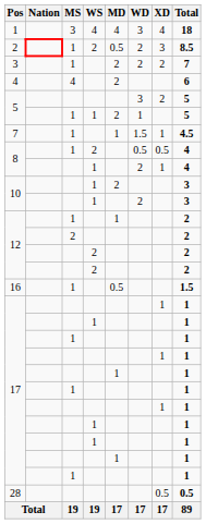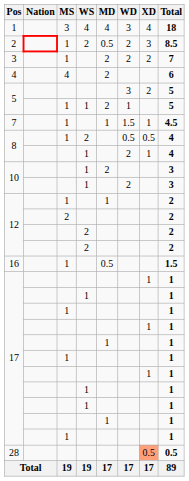 <table class="wikitable" style="text-align:center">
 <tr>
 <th>Pos</th>
 <th>Nation</th>
 <th>MS</th>
 <th>WS</th>
 <th>MD</th>
 <th>WD</th>
 <th>XD</th>
 <th>Total</th>
 </tr>
 <tr>
 <td>1</td>
 <td align="left"></td>
 <td>3</td>
 <td>4</td>
 <td>4</td>
 <td>3</td>
 <td>4</td>
 <td><strong>18</strong></td>
 </tr>
 <tr>
 <td>2</td>
 <td align="left" style="border: 3px solid red"><strong></strong></td>
 <td>1</td>
 <td>2</td>
 <td>0.5</td>
 <td>2</td>
 <td>3</td>
 <td><strong>8.5</strong></td>
 </tr>
 <tr>
 <td>3</td>
 <td align="left"></td>
 <td>1</td>
 <td></td>
 <td>2</td>
 <td>2</td>
 <td>2</td>
 <td><strong>7</strong></td>
 </tr>
 <tr>
 <td>4</td>
 <td align="left"></td>
 <td>4</td>
 <td></td>
 <td>2</td>
 <td></td>
 <td></td>
 <td><strong>6</strong></td>
 </tr>
 <tr>
 <td rowspan="2">5</td>
 <td align="left"></td>
 <td></td>
 <td></td>
 <td></td>
 <td>3</td>
 <td>2</td>
 <td><strong>5</strong></td>
 </tr>
 <tr>
 <td align="left"></td>
 <td>1</td>
 <td>1</td>
 <td>2</td>
 <td>1</td>
 <td></td>
 <td><strong>5</strong></td>
 </tr>
 <tr>
 <td>7</td>
 <td align="left"></td>
 <td>1</td>
 <td></td>
 <td>1</td>
 <td>1.5</td>
 <td>1</td>
 <td><strong>4.5</strong></td>
 </tr>
 <tr>
 <td rowspan="2">8</td>
 <td align="left"></td>
 <td>1</td>
 <td>2</td>
 <td></td>
 <td>0.5</td>
 <td>0.5</td>
 <td><strong>4</strong></td>
 </tr>
 <tr>
 <td align="left"></td>
 <td></td>
 <td>1</td>
 <td></td>
 <td>2</td>
 <td>1</td>
 <td><strong>4</strong></td>
 </tr>
 <tr>
 <td rowspan="2">10</td>
 <td align="left"></td>
 <td></td>
 <td>1</td>
 <td>2</td>
 <td></td>
 <td></td>
 <td><strong>3</strong></td>
 </tr>
 <tr>
 <td align="left"></td>
 <td></td>
 <td>1</td>
 <td></td>
 <td>2</td>
 <td></td>
 <td><strong>3</strong></td>
 </tr>
 <tr>
 <td rowspan="4">12</td>
 <td align="left"></td>
 <td>1</td>
 <td></td>
 <td>1</td>
 <td></td>
 <td></td>
 <td><strong>2</strong></td>
 </tr>
 <tr>
 <td align="left"></td>
 <td>2</td>
 <td></td>
 <td></td>
 <td></td>
 <td></td>
 <td><strong>2</strong></td>
 </tr>
 <tr>
 <td align="left"></td>
 <td></td>
 <td>2</td>
 <td></td>
 <td></td>
 <td></td>
 <td><strong>2</strong></td>
 </tr>
 <tr>
 <td align="left"></td>
 <td></td>
 <td>2</td>
 <td></td>
 <td></td>
 <td></td>
 <td><strong>2</strong></td>
 </tr>
 <tr>
 <td>16</td>
 <td align="left"></td>
 <td>1</td>
 <td></td>
 <td>0.5</td>
 <td></td>
 <td></td>
 <td><strong>1.5</strong></td>
 </tr>
 <tr>
 <td rowspan="11">17</td>
 <td align="left"></td>
 <td></td>
 <td></td>
 <td></td>
 <td></td>
 <td>1</td>
 <td><strong>1</strong></td>
 </tr>
 <tr>
 <td align="left"></td>
 <td></td>
 <td>1</td>
 <td></td>
 <td></td>
 <td></td>
 <td><strong>1</strong></td>
 </tr>
 <tr>
 <td align="left"></td>
 <td>1</td>
 <td></td>
 <td></td>
 <td></td>
 <td></td>
 <td><strong>1</strong></td>
 </tr>
 <tr>
 <td align="left"></td>
 <td></td>
 <td></td>
 <td></td>
 <td></td>
 <td>1</td>
 <td><strong>1</strong></td>
 </tr>
 <tr>
 <td align="left"></td>
 <td></td>
 <td></td>
 <td>1</td>
 <td></td>
 <td></td>
 <td><strong>1</strong></td>
 </tr>
 <tr>
 <td align="left"></td>
 <td>1</td>
 <td></td>
 <td></td>
 <td></td>
 <td></td>
 <td><strong>1</strong></td>
 </tr>
 <tr>
 <td align="left"></td>
 <td></td>
 <td></td>
 <td></td>
 <td></td>
 <td>1</td>
 <td><strong>1</strong></td>
 </tr>
 <tr>
 <td align="left"></td>
 <td></td>
 <td>1</td>
 <td></td>
 <td></td>
 <td></td>
 <td><strong>1</strong></td>
 </tr>
 <tr>
 <td align="left"></td>
 <td></td>
 <td>1</td>
 <td></td>
 <td></td>
 <td></td>
 <td><strong>1</strong></td>
 </tr>
 <tr>
 <td align="left"></td>
 <td></td>
 <td></td>
 <td>1</td>
 <td></td>
 <td></td>
 <td><strong>1</strong></td>
 </tr>
 <tr>
 <td align="left"></td>
 <td>1</td>
 <td></td>
 <td></td>
 <td></td>
 <td></td>
 <td><strong>1</strong></td>
 </tr>
 <tr>
 <td>28</td>
 <td align="left"></td>
 <td></td>
 <td></td>
 <td></td>
 <td></td>
-<td>0.5</td>
+<td style="background: lightsalmon;">0.5</td>
 <td><strong>0.5</strong></td>
 </tr>
 <tr>
 <th colspan="2">Total</th>
 <th>19</th>
 <th>19</th>
 <th>17</th>
 <th>17</th>
 <th>17</th>
 <th>89</th>
 </tr>
 </table>
